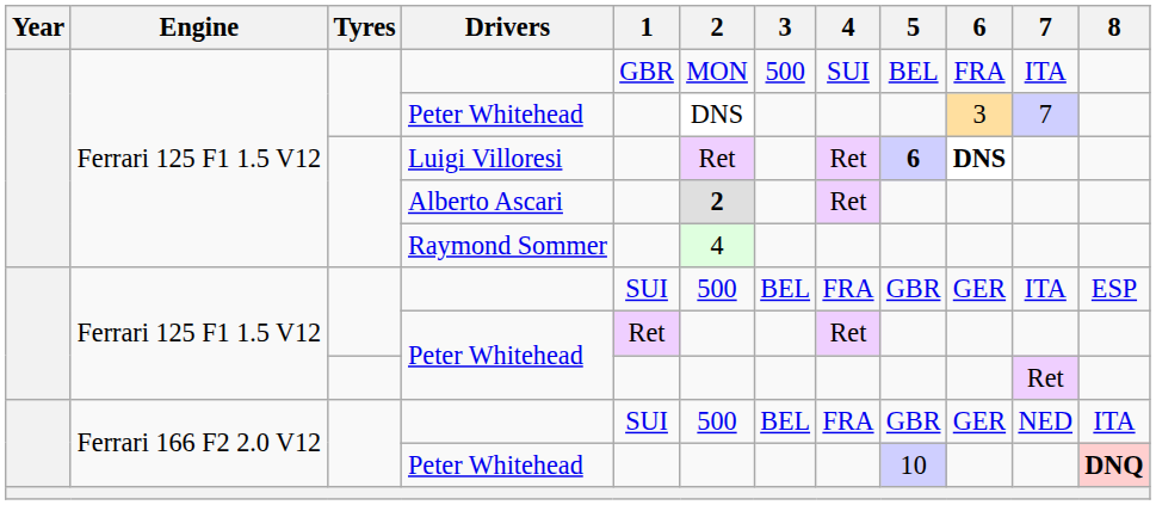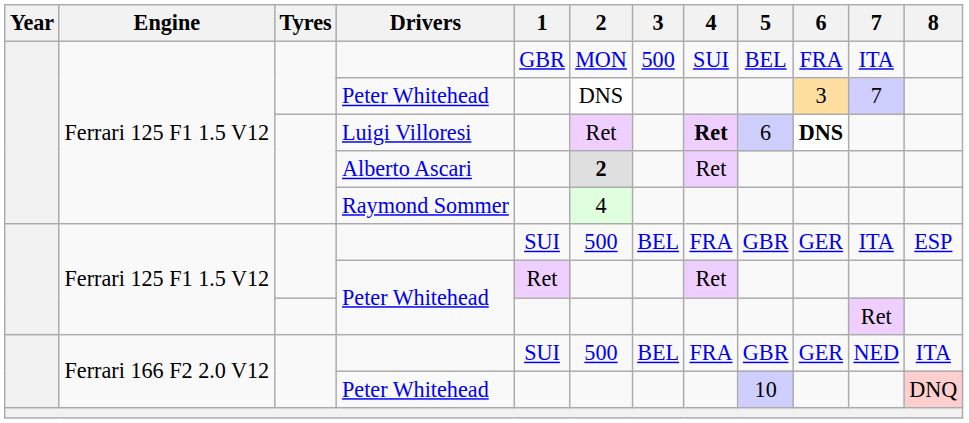 <table class="wikitable" style="text-align:center; font-size:95%">
 <tr>
 <th>Year</th>
 <th>Engine</th>
 <th>Tyres</th>
 <th>Drivers</th>
 <th>1</th>
 <th>2</th>
 <th>3</th>
 <th>4</th>
 <th>5</th>
 <th>6</th>
 <th>7</th>
 <th>8</th>
 </tr>
 <tr>
 <th rowspan="5"></th>
 <td rowspan="5">Ferrari 125 F1 1.5 V12</td>
 <td rowspan="2"></td>
 <td></td>
 <td><a href='#'>GBR</a></td>
 <td><a href='#'>MON</a></td>
 <td><a href='#'>500</a></td>
 <td><a href='#'>SUI</a></td>
 <td><a href='#'>BEL</a></td>
 <td><a href='#'>FRA</a></td>
 <td><a href='#'>ITA</a></td>
 <td></td>
 </tr>
 <tr>
 <td align="left"> <a href='#'>Peter Whitehead</a></td>
 <td></td>
 <td style="background:#FFFFFF;">DNS</td>
 <td></td>
 <td></td>
 <td></td>
 <td style="background:#FFDF9F;">3</td>
 <td style="background:#CFCFFF;">7</td>
 <td></td>
 </tr>
 <tr>
 <td rowspan="3"></td>
 <td align="left"> <a href='#'>Luigi Villoresi</a></td>
 <td></td>
 <td style="background:#EFCFFF;">Ret</td>
 <td></td>
-<td style="background:#EFCFFF;">Ret</td>
-<td style="background:#CFCFFF;"><strong>6</strong></td>
+<td style="background:#EFCFFF;"><strong>Ret</strong></td>
+<td style="background:#CFCFFF;">6</td>
 <td style="background:#FFFFFF;"><strong>DNS</strong></td>
 <td></td>
 <td></td>
 </tr>
 <tr>
 <td align="left"> <a href='#'>Alberto Ascari</a></td>
 <td></td>
 <td style="background:#DFDFDF;"><strong>2</strong></td>
 <td></td>
 <td style="background:#EFCFFF;">Ret</td>
 <td></td>
 <td></td>
 <td></td>
 <td></td>
 </tr>
 <tr>
 <td align="left"> <a href='#'>Raymond Sommer</a></td>
 <td></td>
 <td style="background:#DFFFDF;">4</td>
 <td></td>
 <td></td>
 <td></td>
 <td></td>
 <td></td>
 <td></td>
 </tr>
 <tr>
 <th rowspan="3"></th>
 <td rowspan="3">Ferrari 125 F1 1.5 V12</td>
 <td rowspan="2"></td>
 <td></td>
 <td><a href='#'>SUI</a></td>
 <td><a href='#'>500</a></td>
 <td><a href='#'>BEL</a></td>
 <td><a href='#'>FRA</a></td>
 <td><a href='#'>GBR</a></td>
 <td><a href='#'>GER</a></td>
 <td><a href='#'>ITA</a></td>
 <td><a href='#'>ESP</a></td>
 </tr>
 <tr>
 <td rowspan="2" align="left"> <a href='#'>Peter Whitehead</a></td>
 <td style="background:#EFCFFF;">Ret</td>
 <td></td>
 <td></td>
 <td style="background:#EFCFFF;">Ret</td>
 <td></td>
 <td></td>
 <td></td>
 <td></td>
 </tr>
 <tr>
 <td></td>
 <td></td>
 <td></td>
 <td></td>
 <td></td>
 <td></td>
 <td></td>
 <td style="background:#EFCFFF;">Ret</td>
 <td></td>
 </tr>
 <tr>
 <th rowspan="2"></th>
 <td rowspan="2">Ferrari 166 F2 2.0 V12</td>
 <td rowspan="2"></td>
 <td></td>
 <td><a href='#'>SUI</a></td>
 <td><a href='#'>500</a></td>
 <td><a href='#'>BEL</a></td>
 <td><a href='#'>FRA</a></td>
 <td><a href='#'>GBR</a></td>
 <td><a href='#'>GER</a></td>
 <td><a href='#'>NED</a></td>
 <td><a href='#'>ITA</a></td>
 </tr>
 <tr>
 <td align="left"> <a href='#'>Peter Whitehead</a></td>
 <td></td>
 <td></td>
 <td></td>
 <td></td>
 <td style="background:#CFCFFF;">10</td>
 <td></td>
 <td></td>
-<td style="background:#FFCFCF;"><strong>DNQ</strong></td>
+<td style="background:#FFCFCF;">DNQ</td>
 </tr>
 <tr>
 <th colspan="12"></th>
 </tr>
 </table>
